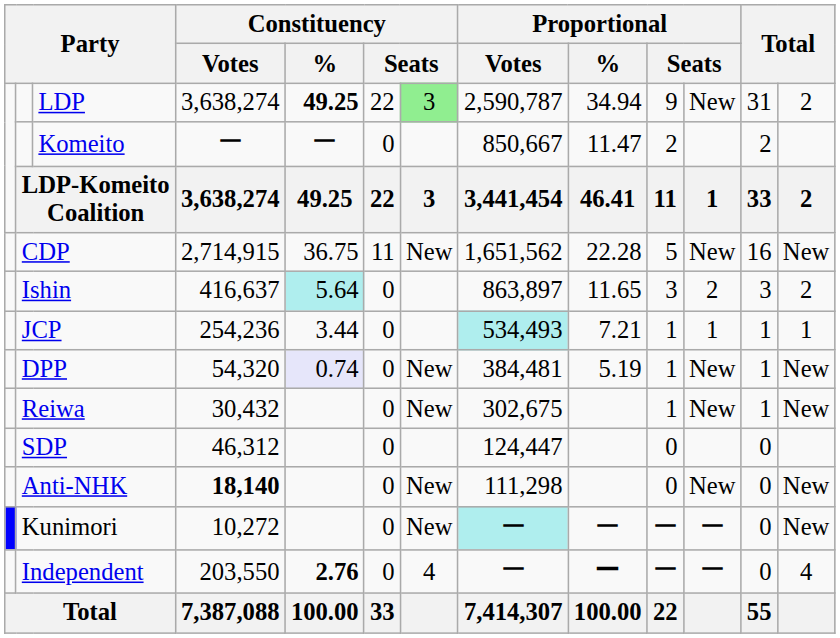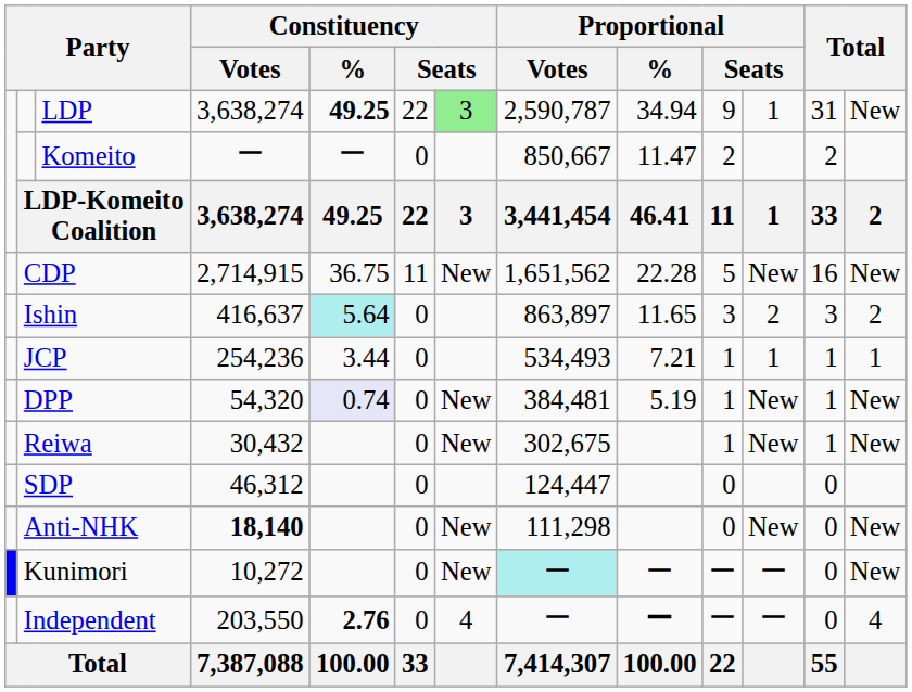 <table class="wikitable sortable" style="text-align:right;">
 <tr>
 <th rowspan=2 colspan=3>Party</th>
 <th colspan=4>Constituency</th>
 <th colspan=4>Proportional</th>
 <th rowspan=2 colspan=2>Total</th>
 </tr>
 <tr>
 <th>Votes</th>
 <th>%</th>
 <th colspan=2>Seats</th>
 <th>Votes</th>
 <th>%</th>
 <th colspan=2>Seats</th>
 </tr>
 <tr>
 <td rowspan=3></td>
 <td style="background:"></td>
 <td style="text-align:left;"><a href='#'>LDP</a></td>
 <td>3,638,274</td>
 <td><strong>49.25</strong></td>
 <td>22</td>
 <td style="background: lightgreen; text-align:center;">3</td>
 <td>2,590,787</td>
 <td>34.94</td>
 <td>9</td>
+<td style="text-align:center;">1</td>
+<td>31</td>
 <td style="text-align:center;">New</td>
-<td>31</td>
-<td style="text-align:center;">2</td>
 </tr>
 <tr>
 <td style="background:"></td>
 <td style="text-align:left;"><a href='#'>Komeito</a></td>
 <td style="text-align:center;">ー</td>
 <td style="text-align:center;">ー</td>
 <td>0</td>
 <td style="text-align:center;"></td>
 <td>850,667</td>
 <td>11.47</td>
 <td>2</td>
 <td style="text-align:center;"></td>
 <td>2</td>
 <td style="text-align:center;"></td>
 </tr>
 <tr>
 <th colspan=2>LDP-Komeito<br>Coalition</th>
 <th>3,638,274</th>
 <th>49.25</th>
 <th>22</th>
 <th>3</th>
 <th>3,441,454</th>
 <th>46.41</th>
 <th>11</th>
 <th>1</th>
 <th>33</th>
 <th>2</th>
 </tr>
 <tr>
 <td style="background:"></td>
 <td colspan=2 style="text-align:left;"><a href='#'>CDP</a></td>
 <td>2,714,915</td>
 <td>36.75</td>
 <td>11</td>
 <td style="text-align:center;">New</td>
 <td>1,651,562</td>
 <td>22.28</td>
 <td>5</td>
 <td style="text-align:center;">New</td>
 <td>16</td>
 <td style="text-align:center;">New</td>
 </tr>
 <tr>
 <td style="background:"></td>
 <td colspan=2 style="text-align:left;"><a href='#'>Ishin</a></td>
 <td>416,637</td>
 <td style="background: paleturquoise;">5.64</td>
 <td>0</td>
 <td style="text-align:center;"></td>
 <td>863,897</td>
 <td>11.65</td>
 <td>3</td>
 <td style="text-align:center;">2</td>
 <td>3</td>
 <td style="text-align:center;">2</td>
 </tr>
 <tr>
 <td style="background:"></td>
 <td colspan=2 style="text-align:left;"><a href='#'>JCP</a></td>
 <td>254,236</td>
 <td>3.44</td>
 <td>0</td>
 <td style="text-align:center;"></td>
-<td style="background: paleturquoise;">534,493</td>
+<td>534,493</td>
 <td>7.21</td>
 <td>1</td>
 <td style="text-align:center;">1</td>
 <td>1</td>
 <td style="text-align:center;">1</td>
 </tr>
 <tr>
 <td style="background:"></td>
 <td colspan=2 style="text-align:left;"><a href='#'>DPP</a></td>
 <td>54,320</td>
 <td style="background: lavender;">0.74</td>
 <td>0</td>
 <td style="text-align:center;">New</td>
 <td>384,481</td>
 <td>5.19</td>
 <td>1</td>
 <td style="text-align:center;">New</td>
 <td>1</td>
 <td style="text-align:center;">New</td>
 </tr>
 <tr>
 <td style="background:"></td>
 <td colspan=2 style="text-align:left;"><a href='#'>Reiwa</a></td>
 <td>30,432</td>
 <td></td>
 <td>0</td>
 <td style="text-align:center;">New</td>
 <td>302,675</td>
 <td></td>
 <td>1</td>
 <td style="text-align:center;">New</td>
 <td>1</td>
 <td style="text-align:center;">New</td>
 </tr>
 <tr>
 <td style="background:"></td>
 <td colspan=2 style="text-align:left;"><a href='#'>SDP</a></td>
 <td>46,312</td>
 <td></td>
 <td>0</td>
 <td style="text-align:center;"></td>
 <td>124,447</td>
 <td></td>
 <td>0</td>
 <td style="text-align:center;"></td>
 <td>0</td>
 <td style="text-align:center;"></td>
 </tr>
 <tr>
 <td style="background:"></td>
 <td colspan=2 style="text-align:left;"><a href='#'>Anti-NHK</a></td>
 <td><strong>18,140</strong></td>
 <td></td>
 <td>0</td>
 <td style="text-align:center;">New</td>
 <td>111,298</td>
 <td></td>
 <td>0</td>
 <td style="text-align:center;">New</td>
 <td>0</td>
 <td style="text-align:center;">New</td>
 </tr>
 <tr>
 <td style="background:#0000ff;"></td>
 <td colspan=2 style="text-align:left;">Kunimori</td>
 <td>10,272</td>
 <td></td>
 <td>0</td>
 <td style="text-align:center;">New</td>
 <td style="background: paleturquoise; text-align:center;">ー</td>
 <td style="text-align:center;">ー</td>
 <td style="text-align:center;">ー</td>
 <td style="text-align:center;">ー</td>
 <td>0</td>
 <td style="text-align:center;">New</td>
 </tr>
 <tr>
 <td style="background:"></td>
 <td colspan=2 style="text-align:left;"><a href='#'>Independent</a></td>
 <td>203,550</td>
 <td><strong>2.76</strong></td>
 <td>0</td>
 <td style="text-align:center;">4</td>
 <td style="text-align:center;">ー</td>
 <td style="text-align:center;"><strong>ー</strong></td>
 <td style="text-align:center;">ー</td>
 <td style="text-align:center;">ー</td>
 <td>0</td>
 <td style="text-align:center;">4</td>
 </tr>
 <tr>
 <th colspan=3>Total</th>
 <th>7,387,088</th>
 <th>100.00</th>
 <th>33</th>
 <th></th>
 <th>7,414,307</th>
 <th>100.00</th>
 <th>22</th>
 <th></th>
 <th>55</th>
 <th></th>
 </tr>
 </table>
